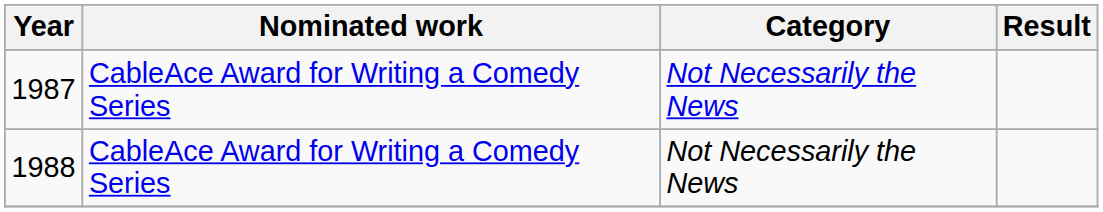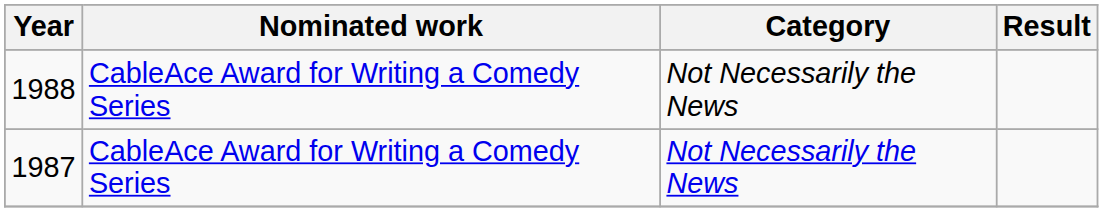 <table class="wikitable sortable">
 <tr>
 <th>Year</th>
 <th>Nominated work</th>
 <th>Category</th>
 <th>Result</th>
 </tr>
 <tr>
+<td>1988</td>
+<td><a href='#'>CableAce Award for Writing a Comedy Series</a></td>
+<td><em>Not Necessarily the News</em></td>
+<td></td>
+</tr>
+<tr>
 <td>1987</td>
 <td><a href='#'>CableAce Award for Writing a Comedy Series</a></td>
 <td><em><a href='#'>Not Necessarily the News</a></em></td>
 <td></td>
 </tr>
 <tr>
-<td>1988</td>
-<td><a href='#'>CableAce Award for Writing a Comedy Series</a></td>
-<td><em>Not Necessarily the News</em></td>
-<td></td>
-</tr>
-<tr>
 </tr>
 </table>
